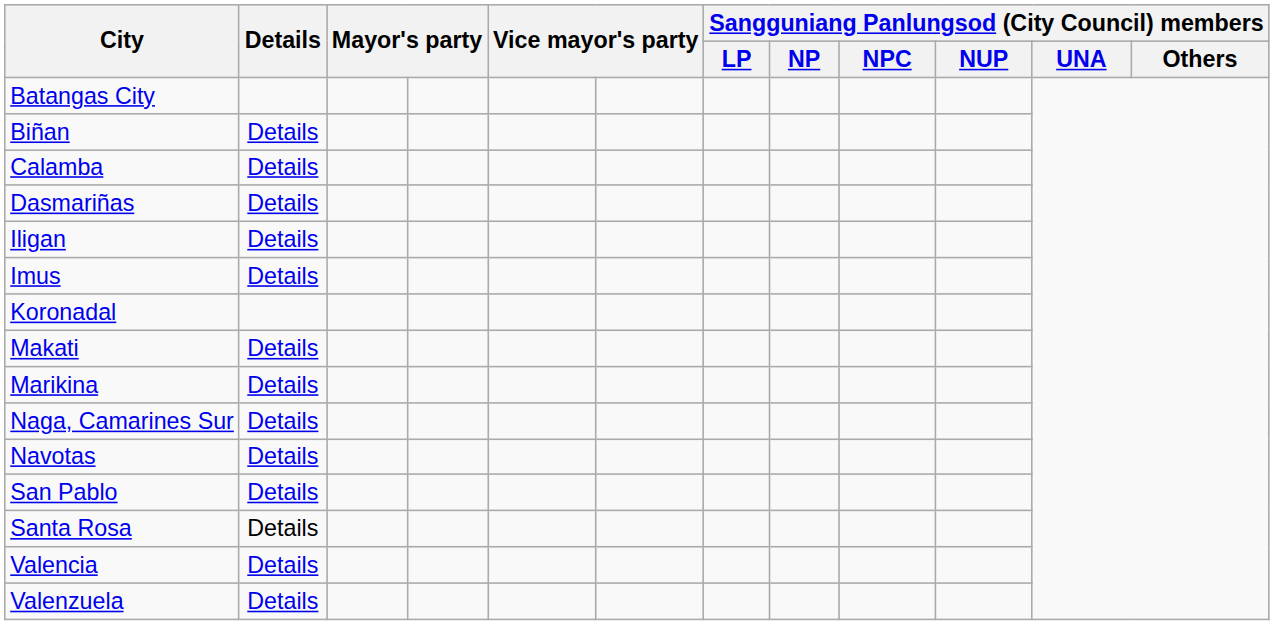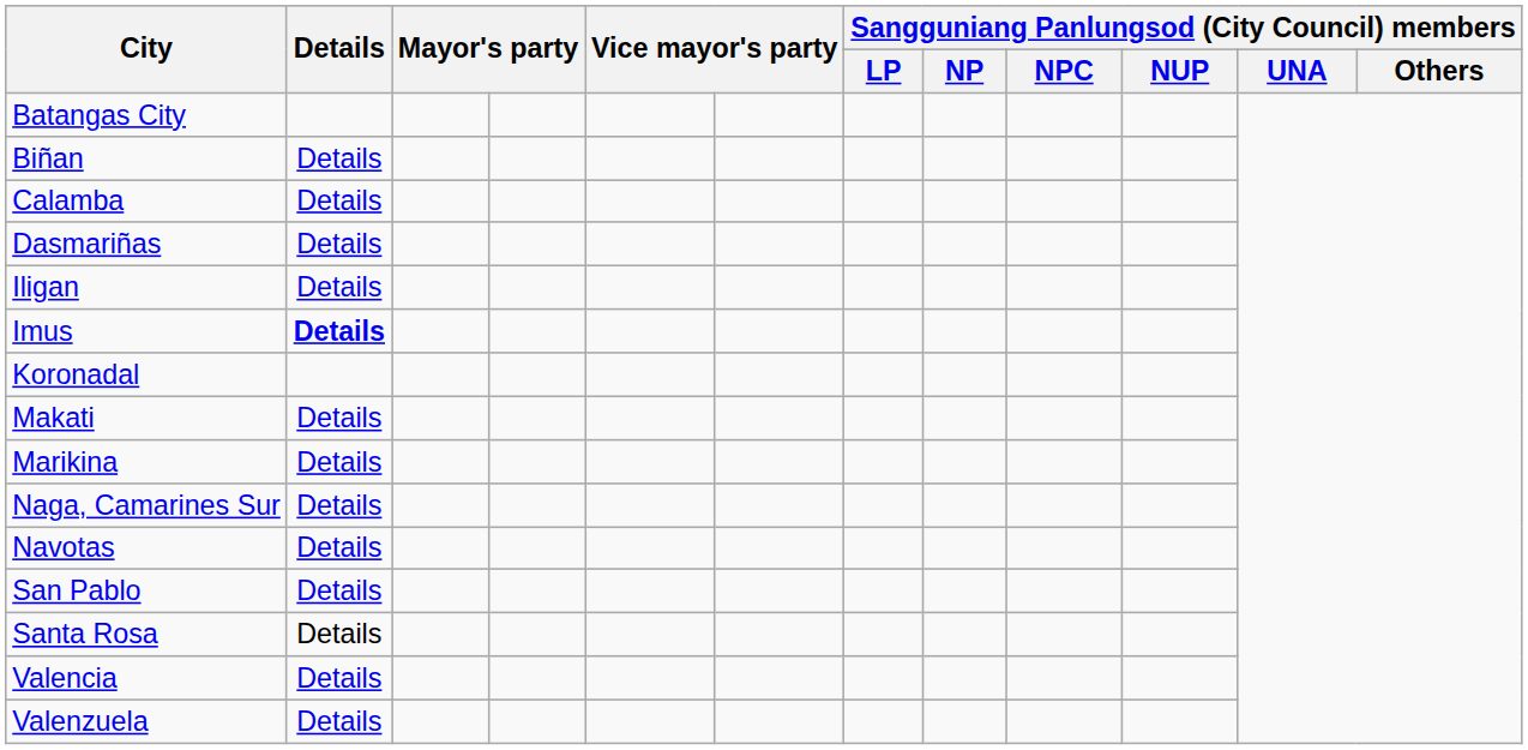 <table class=wikitable style="text-align:center; font-size:92%;">
 <tr>
 <th rowspan=2>City</th>
 <th rowspan=2>Details</th>
 <th rowspan=2 colspan=2>Mayor's party</th>
 <th rowspan=2 colspan=2>Vice mayor's party</th>
 <th colspan=6><a href='#'>Sangguniang Panlungsod</a> (City Council) members</th>
 </tr>
 <tr>
 <th><a href='#'>LP</a></th>
 <th><a href='#'>NP</a></th>
 <th><a href='#'>NPC</a></th>
 <th><a href='#'>NUP</a></th>
 <th><a href='#'>UNA</a></th>
 <th>Others</th>
 </tr>
 <tr>
 <td align=left><a href='#'>Batangas City</a></td>
 <td></td>
 <td></td>
 <td></td>
 <td></td>
 <td></td>
 <td></td>
 <td></td>
 <td></td>
 <td></td>
 </tr>
 <tr>
 <td align=left><a href='#'>Biñan</a></td>
 <td><a href='#'>Details</a></td>
 <td></td>
 <td></td>
 <td></td>
 <td></td>
 <td></td>
 <td></td>
 <td></td>
 <td></td>
 </tr>
 <tr>
 <td align=left><a href='#'>Calamba</a></td>
 <td><a href='#'>Details</a></td>
 <td></td>
 <td></td>
 <td></td>
 <td></td>
 <td></td>
 <td></td>
 <td></td>
 <td></td>
 </tr>
 <tr>
 <td align=left><a href='#'>Dasmariñas</a></td>
 <td><a href='#'>Details</a></td>
 <td></td>
 <td></td>
 <td></td>
 <td></td>
 <td></td>
 <td></td>
 <td></td>
 <td></td>
 </tr>
 <tr>
 <td align=left><a href='#'>Iligan</a></td>
 <td><a href='#'>Details</a></td>
 <td></td>
 <td></td>
 <td></td>
 <td></td>
 <td></td>
 <td></td>
 <td></td>
 <td></td>
 </tr>
 <tr>
 <td align=left><a href='#'>Imus</a></td>
-<td><a href='#'>Details</a></td>
+<td><strong><a href='#'>Details</a></strong></td>
 <td></td>
 <td></td>
 <td></td>
 <td></td>
 <td></td>
 <td></td>
 <td></td>
 <td></td>
 </tr>
 <tr>
 <td align=left><a href='#'>Koronadal</a></td>
 <td></td>
 <td></td>
 <td></td>
 <td></td>
 <td></td>
 <td></td>
 <td></td>
 <td></td>
 <td></td>
 </tr>
 <tr>
 <td align=left><a href='#'>Makati</a></td>
 <td><a href='#'>Details</a></td>
 <td></td>
 <td></td>
 <td></td>
 <td></td>
 <td></td>
 <td></td>
 <td></td>
 <td></td>
 </tr>
 <tr>
 <td align=left><a href='#'>Marikina</a></td>
 <td><a href='#'>Details</a></td>
 <td></td>
 <td></td>
 <td></td>
 <td></td>
 <td></td>
 <td></td>
 <td></td>
 <td></td>
 </tr>
 <tr>
 <td align=left><a href='#'>Naga, Camarines Sur</a></td>
 <td><a href='#'>Details</a></td>
 <td></td>
 <td></td>
 <td></td>
 <td></td>
 <td></td>
 <td></td>
 <td></td>
 <td></td>
 </tr>
 <tr>
 <td align=left><a href='#'>Navotas</a></td>
 <td><a href='#'>Details</a></td>
 <td></td>
 <td></td>
 <td></td>
 <td></td>
 <td></td>
 <td></td>
 <td></td>
 <td></td>
 </tr>
 <tr>
 <td align=left><a href='#'>San Pablo</a></td>
 <td><a href='#'>Details</a></td>
 <td></td>
 <td></td>
 <td></td>
 <td></td>
 <td></td>
 <td></td>
 <td></td>
 <td></td>
 </tr>
 <tr>
 <td align=left><a href='#'>Santa Rosa</a></td>
 <td>Details</td>
 <td></td>
 <td></td>
 <td></td>
 <td></td>
 <td></td>
 <td></td>
 <td></td>
 <td></td>
 </tr>
 <tr>
 <td align=left><a href='#'>Valencia</a></td>
 <td><a href='#'>Details</a></td>
 <td></td>
 <td></td>
 <td></td>
 <td></td>
 <td></td>
 <td></td>
 <td></td>
 <td></td>
 </tr>
 <tr>
 <td align=left><a href='#'>Valenzuela</a></td>
 <td><a href='#'>Details</a></td>
 <td></td>
 <td></td>
 <td></td>
 <td></td>
 <td></td>
 <td></td>
 <td></td>
 <td></td>
 </tr>
 </table>
